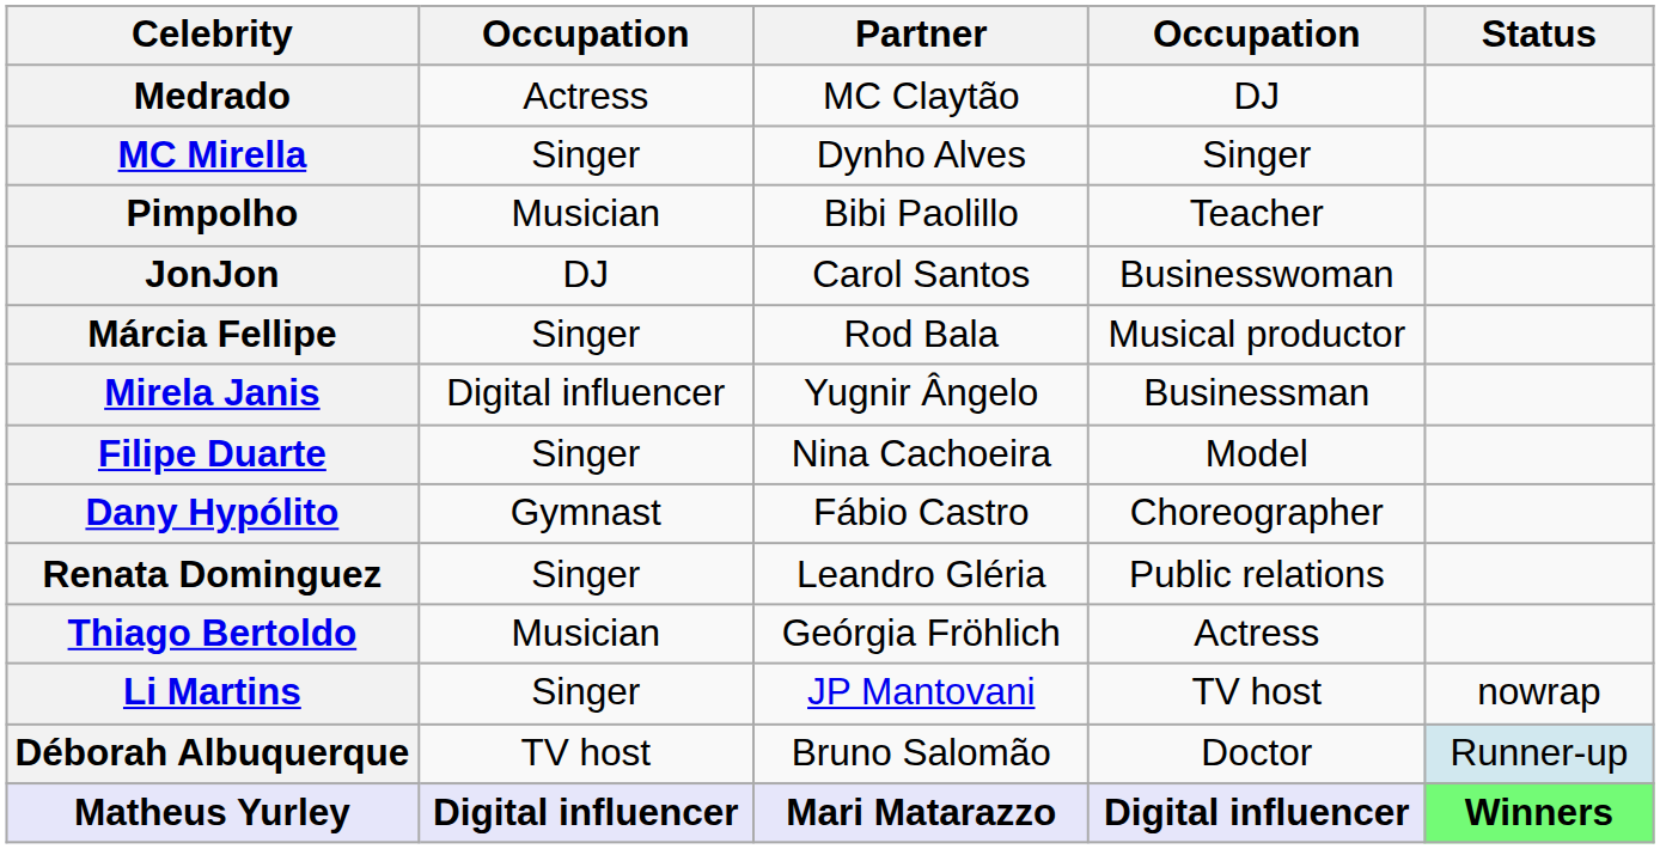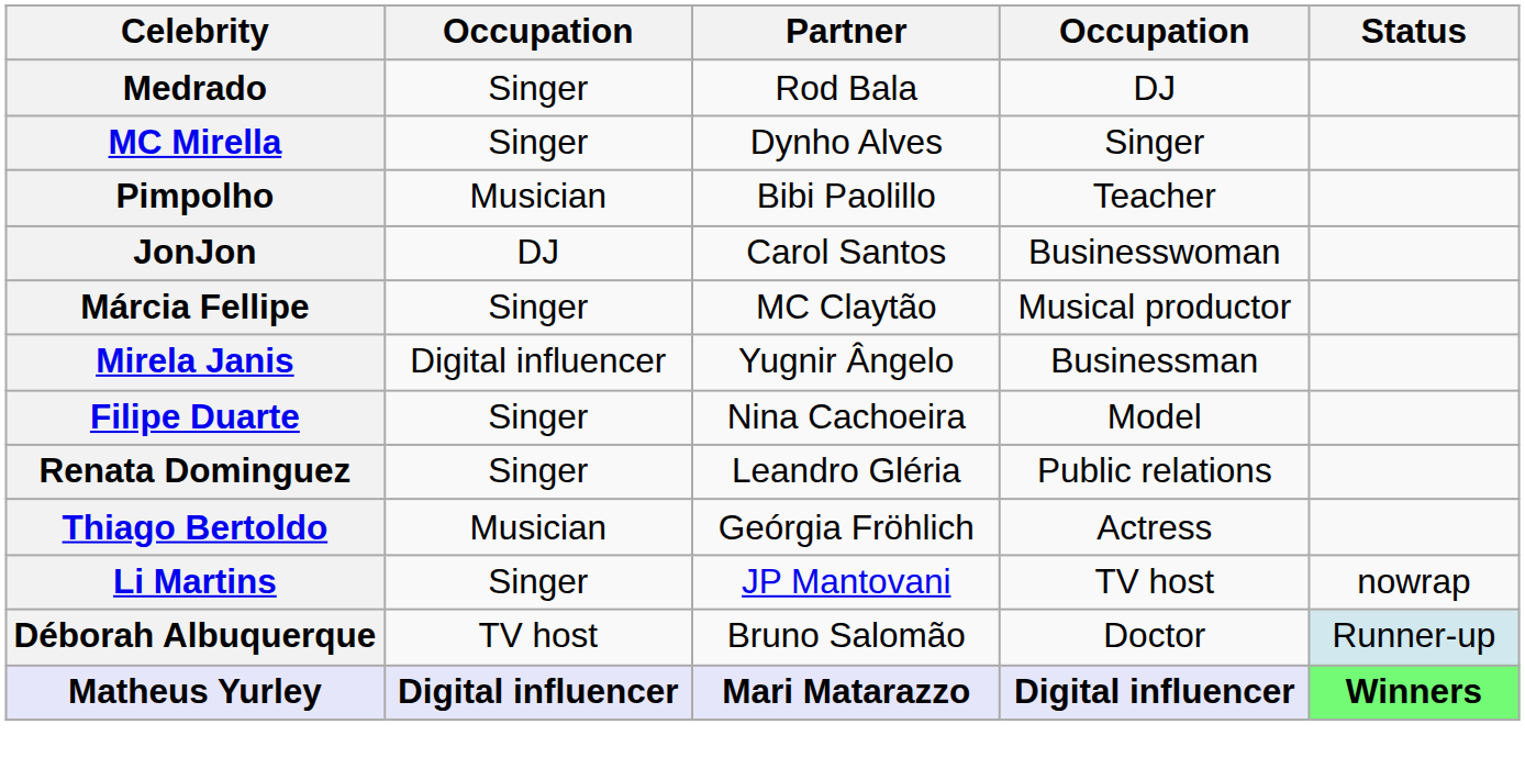 <table class= "wikitable sortable" style="text-align: center; margin:1em auto; align: center">
 <tr>
 <th width=135>Celebrity</th>
 <th width=135>Occupation</th>
 <th width=135>Partner</th>
 <th width=135>Occupation</th>
 <th width=090>Status</th>
 </tr>
 <tr>
 <th>Medrado</th>
-<td>Actress</td>
-<td>MC Claytão</td>
+<td>Singer</td>
+<td>Rod Bala</td>
 <td>DJ</td>
 <td></td>
 </tr>
 <tr>
 <th><a href='#'>MC Mirella</a></th>
 <td>Singer</td>
 <td>Dynho Alves</td>
 <td>Singer</td>
 <td></td>
 </tr>
 <tr>
 <th>Pimpolho</th>
 <td>Musician</td>
 <td>Bibi Paolillo</td>
 <td>Teacher</td>
 <td></td>
 </tr>
 <tr>
 <th>JonJon</th>
 <td>DJ</td>
 <td>Carol Santos</td>
 <td>Businesswoman</td>
 <td></td>
 </tr>
 <tr>
 <th>Márcia Fellipe</th>
 <td>Singer</td>
-<td>Rod Bala</td>
+<td>MC Claytão</td>
 <td>Musical productor</td>
 <td></td>
 </tr>
 <tr>
 <th><a href='#'>Mirela Janis</a></th>
 <td>Digital influencer</td>
 <td>Yugnir Ângelo</td>
 <td>Businessman</td>
 <td></td>
 </tr>
 <tr>
 <th><a href='#'>Filipe Duarte</a></th>
 <td>Singer</td>
 <td>Nina Cachoeira</td>
 <td>Model</td>
-<td></td>
-</tr>
-<tr>
-<th><a href='#'>Dany Hypólito</a></th>
-<td>Gymnast</td>
-<td>Fábio Castro</td>
-<td>Choreographer</td>
 <td></td>
 </tr>
 <tr>
 <th>Renata Dominguez</th>
 <td>Singer</td>
 <td>Leandro Gléria</td>
 <td>Public relations</td>
 <td></td>
 </tr>
 <tr>
 <th><a href='#'>Thiago Bertoldo</a></th>
 <td>Musician</td>
 <td nowrap>Geórgia Fröhlich</td>
 <td>Actress</td>
 <td></td>
 </tr>
 <tr>
 <th><a href='#'>Li Martins</a></th>
 <td>Singer</td>
 <td><a href='#'>JP Mantovani</a></td>
 <td>TV host</td>
 <td>nowrap </td>
 </tr>
 <tr>
 <th nowrap>Déborah Albuquerque</th>
 <td>TV host</td>
 <td>Bruno Salomão</td>
 <td>Doctor</td>
 <td bgcolor=D1E8EF>Runner-up<br></td>
 </tr>
 <tr>
 <td bgcolor="E6E6FA"><strong>Matheus Yurley</strong></td>
 <td bgcolor="E6E6FA"><strong>Digital influencer</strong></td>
 <td bgcolor="E6E6FA"><strong>Mari Matarazzo</strong></td>
 <td bgcolor="E6E6FA"><strong>Digital influencer</strong></td>
 <td bgcolor=73FB76><strong>Winners</strong><br></td>
 </tr>
 </table>
